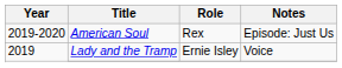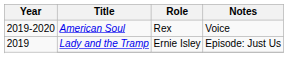 <table class="wikitable sortable">
 <tr>
 <th>Year</th>
 <th>Title</th>
 <th>Role</th>
 <th class=unsortable>Notes</th>
 </tr>
 <tr>
 <td>2019-2020</td>
 <td><em><a href='#'>American Soul</a></em></td>
 <td>Rex</td>
-<td>Episode: Just Us</td>
+<td>Voice</td>
 </tr>
 <tr>
 <td rowspan="2">2019</td>
 <td><em><a href='#'>Lady and the Tramp</a></em></td>
 <td>Ernie Isley</td>
-<td>Voice</td>
+<td>Episode: Just Us</td>
 </tr>
 <tr>
 </tr>
 </table>
